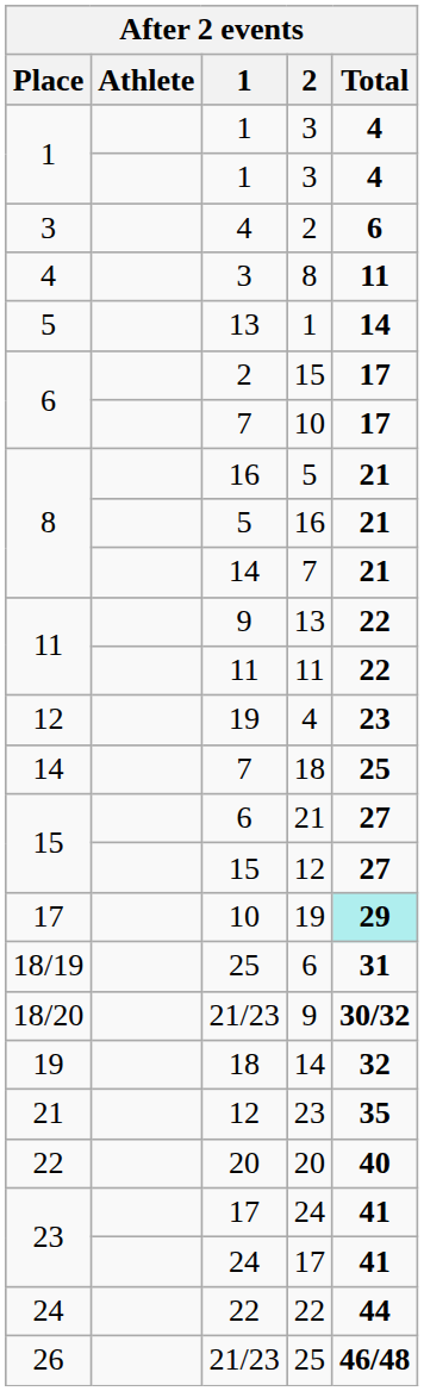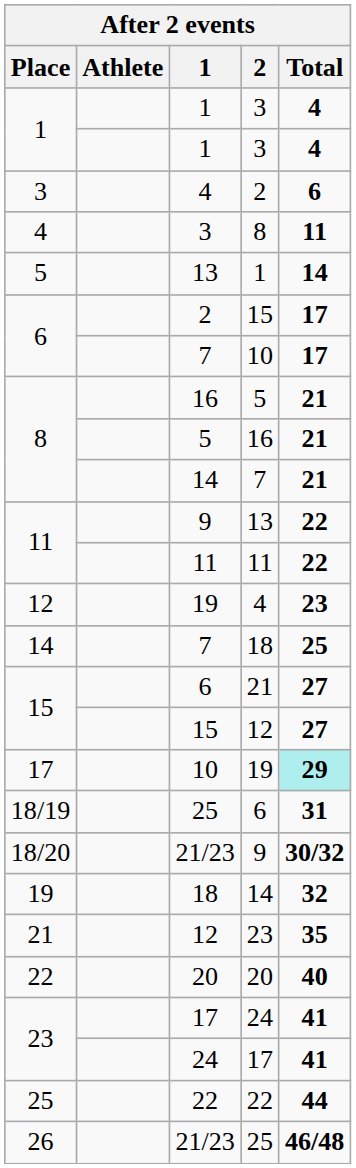 <table class=wikitable style="text-align:center">
 <tr>
 <th colspan=5><strong>After 2 events</strong></th>
 </tr>
 <tr>
 <th>Place</th>
 <th>Athlete</th>
 <th>1</th>
 <th>2</th>
 <th>Total</th>
 </tr>
 <tr>
 <td rowspan=2>1</td>
 <td align=left></td>
 <td>1</td>
 <td>3</td>
 <td><strong>4</strong></td>
 </tr>
 <tr>
 <td align=left></td>
 <td>1</td>
 <td>3</td>
 <td><strong>4</strong></td>
 </tr>
 <tr>
 <td>3</td>
 <td align=left></td>
 <td>4</td>
 <td>2</td>
 <td><strong>6</strong></td>
 </tr>
 <tr>
 <td>4</td>
 <td align=left></td>
 <td>3</td>
 <td>8</td>
 <td><strong>11</strong></td>
 </tr>
 <tr>
 <td>5</td>
 <td align=left></td>
 <td>13</td>
 <td>1</td>
 <td><strong>14</strong></td>
 </tr>
 <tr>
 <td rowspan=2>6</td>
 <td align=left></td>
 <td>2</td>
 <td>15</td>
 <td><strong>17</strong></td>
 </tr>
 <tr>
 <td align=left></td>
 <td>7</td>
 <td>10</td>
 <td><strong>17</strong></td>
 </tr>
 <tr>
 <td rowspan=3>8</td>
 <td align=left></td>
 <td>16</td>
 <td>5</td>
 <td><strong>21</strong></td>
 </tr>
 <tr>
 <td align=left></td>
 <td>5</td>
 <td>16</td>
 <td><strong>21</strong></td>
 </tr>
 <tr>
 <td align=left></td>
 <td>14</td>
 <td>7</td>
 <td><strong>21</strong></td>
 </tr>
 <tr>
 <td rowspan=2>11</td>
 <td align=left></td>
 <td>9</td>
 <td>13</td>
 <td><strong>22</strong></td>
 </tr>
 <tr>
 <td align=left></td>
 <td>11</td>
 <td>11</td>
 <td><strong>22</strong></td>
 </tr>
 <tr>
 <td>12</td>
 <td align=left></td>
 <td>19</td>
 <td>4</td>
 <td><strong>23</strong></td>
 </tr>
 <tr>
 <td>14</td>
 <td align=left></td>
 <td>7</td>
 <td>18</td>
 <td><strong>25</strong></td>
 </tr>
 <tr>
 <td rowspan=2>15</td>
 <td align=left></td>
 <td>6</td>
 <td>21</td>
 <td><strong>27</strong></td>
 </tr>
 <tr>
 <td align=left></td>
 <td>15</td>
 <td>12</td>
 <td><strong>27</strong></td>
 </tr>
 <tr>
 <td>17</td>
 <td align=left></td>
 <td>10</td>
 <td>19</td>
 <td style="background: paleturquoise;"><strong>29</strong></td>
 </tr>
 <tr>
 <td>18/19</td>
 <td align=left></td>
 <td>25</td>
 <td>6</td>
 <td><strong>31</strong></td>
 </tr>
 <tr>
 <td>18/20</td>
 <td align=left></td>
 <td>21/23</td>
 <td>9</td>
 <td><strong>30/32</strong></td>
 </tr>
 <tr>
 <td>19</td>
 <td align=left></td>
 <td>18</td>
 <td>14</td>
 <td><strong>32</strong></td>
 </tr>
 <tr>
 <td>21</td>
 <td align=left></td>
 <td>12</td>
 <td>23</td>
 <td><strong>35</strong></td>
 </tr>
 <tr>
 <td>22</td>
 <td align=left></td>
 <td>20</td>
 <td>20</td>
 <td><strong>40</strong></td>
 </tr>
 <tr>
 <td rowspan=2>23</td>
 <td align=left></td>
 <td>17</td>
 <td>24</td>
 <td><strong>41</strong></td>
 </tr>
 <tr>
 <td align=left></td>
 <td>24</td>
 <td>17</td>
 <td><strong>41</strong></td>
 </tr>
 <tr>
-<td>24</td>
+<td>25</td>
 <td align=left></td>
 <td>22</td>
 <td>22</td>
 <td><strong>44</strong></td>
 </tr>
 <tr>
 <td>26</td>
 <td align=left></td>
 <td>21/23</td>
 <td>25</td>
 <td><strong>46/48</strong></td>
 </tr>
 </table>
